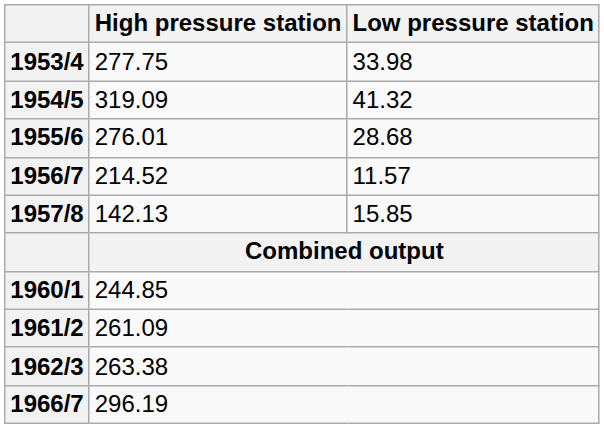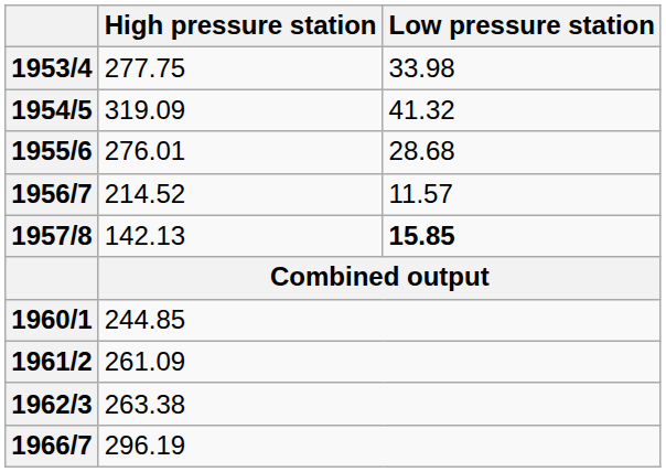 <table class="wikitable">
 <tr>
 <th></th>
 <th>High pressure station</th>
 <th>Low pressure station</th>
 </tr>
 <tr>
 <th>1953/4</th>
 <td>277.75</td>
 <td>33.98</td>
 </tr>
 <tr>
 <th>1954/5</th>
 <td>319.09</td>
 <td>41.32</td>
 </tr>
 <tr>
 <th>1955/6</th>
 <td>276.01</td>
 <td>28.68</td>
 </tr>
 <tr>
 <th>1956/7</th>
 <td>214.52</td>
 <td>11.57</td>
 </tr>
 <tr>
 <th>1957/8</th>
 <td>142.13</td>
-<td>15.85</td>
+<td><strong>15.85</strong></td>
 </tr>
 <tr>
 <th></th>
 <th colspan="2">Combined output</th>
 </tr>
 <tr>
 <th>1960/1</th>
 <td colspan="2">244.85</td>
 </tr>
 <tr>
 <th>1961/2</th>
 <td colspan="2">261.09</td>
 </tr>
 <tr>
 <th>1962/3</th>
 <td colspan="2">263.38</td>
 </tr>
 <tr>
 <th>1966/7</th>
 <td colspan="2">296.19</td>
 </tr>
 </table>
